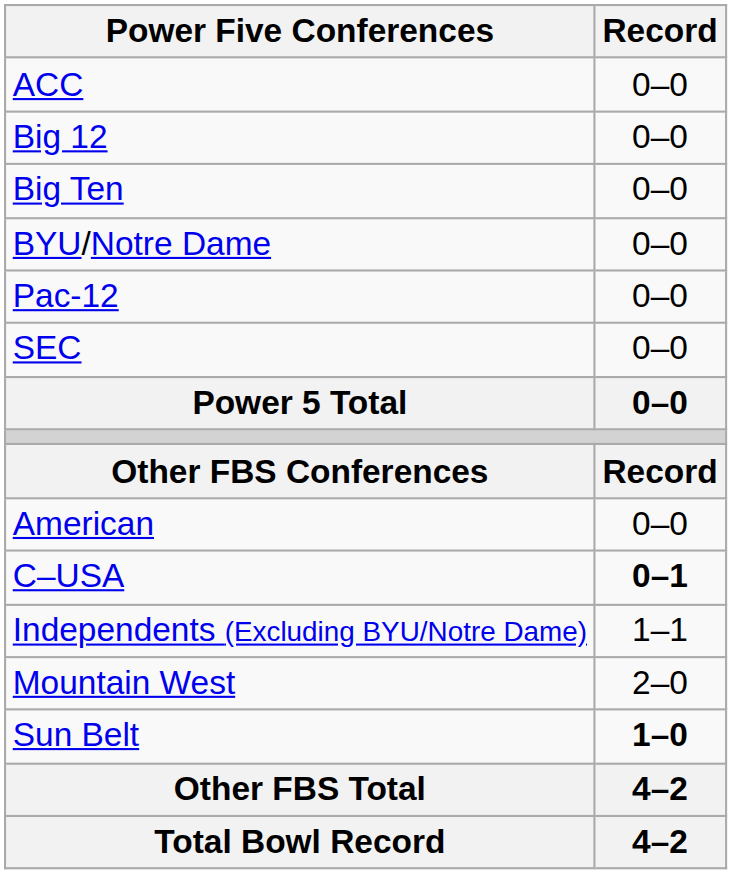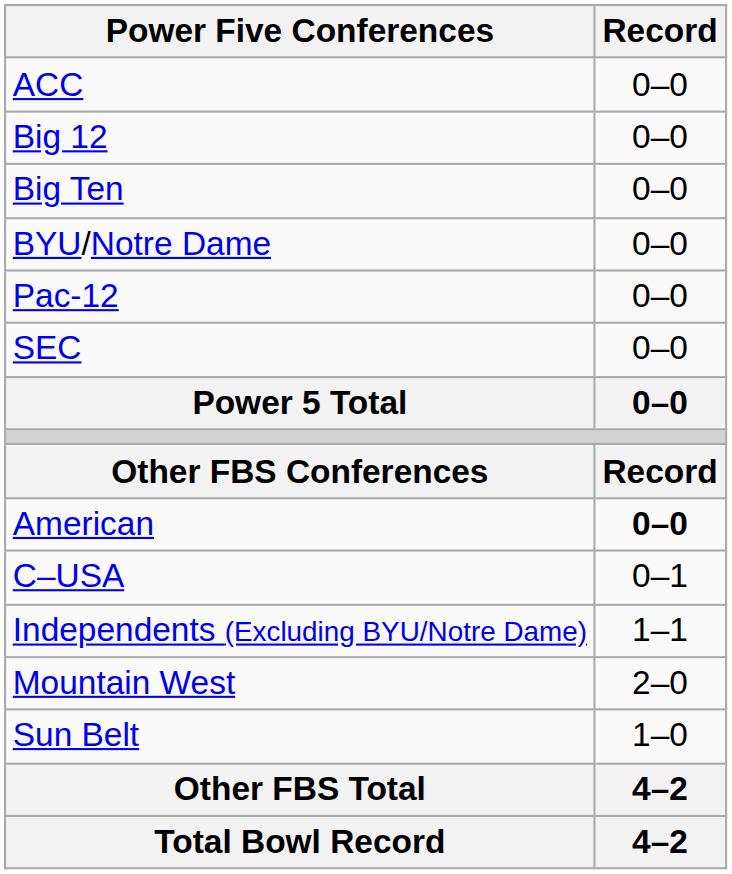 <table class="wikitable">
 <tr>
 <th>Power Five Conferences</th>
 <th>Record</th>
 </tr>
 <tr>
 <td><a href='#'>ACC</a></td>
 <td align=center>0–0</td>
 </tr>
 <tr>
 <td><a href='#'>Big 12</a></td>
 <td align=center>0–0</td>
 </tr>
 <tr>
 <td><a href='#'>Big Ten</a></td>
 <td align=center>0–0</td>
 </tr>
 <tr>
 <td><a href='#'>BYU</a>/<a href='#'>Notre Dame</a></td>
 <td align=center>0–0</td>
 </tr>
 <tr>
 <td><a href='#'>Pac-12</a></td>
 <td align=center>0–0</td>
 </tr>
 <tr>
 <td><a href='#'>SEC</a></td>
 <td align=center>0–0</td>
 </tr>
 <tr>
 <th>Power 5 Total</th>
 <th>0–0</th>
 </tr>
 <tr>
 <th colspan="2" style="background:lightgrey;"></th>
 </tr>
 <tr>
 <th>Other FBS Conferences</th>
 <th>Record</th>
 </tr>
 <tr>
 <td><a href='#'>American</a></td>
-<td align=center>0–0</td>
+<td align=center><strong>0–0</strong></td>
 </tr>
 <tr>
 <td><a href='#'>C–USA</a></td>
-<td align=center><strong>0–1</strong></td>
+<td align=center>0–1</td>
 </tr>
 <tr>
 <td><a href='#'>Independents <small>(Excluding BYU/Notre Dame)</small></a></td>
 <td align=center>1–1</td>
 </tr>
 <tr>
 <td><a href='#'>Mountain West</a></td>
 <td align=center>2–0</td>
 </tr>
 <tr>
 <td><a href='#'>Sun Belt</a></td>
-<td align=center><strong>1–0</strong></td>
+<td align=center>1–0</td>
 </tr>
 <tr>
 <th>Other FBS Total</th>
 <th>4–2</th>
 </tr>
 <tr>
 <th>Total Bowl Record</th>
 <th>4–2</th>
 </tr>
 </table>
